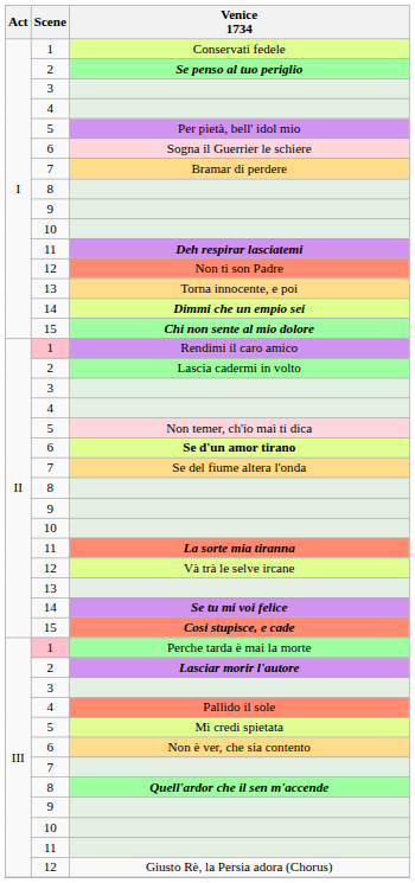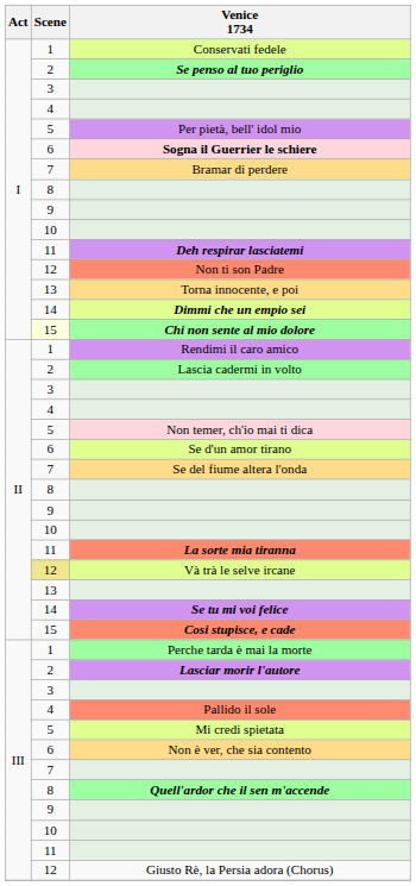 <table class="wikitable" style="text-align:center; font-size:95%; line-height:16px; width:37%">
 <tr>
 <th scope="col" style="width:5.5%">Act</th>
 <th scope="col" style="width:5.5%">Scene</th>
 <th scope="col">Venice<br> 1734</th>
 </tr>
 <tr>
 <td rowspan="15">I</td>
 <td>1</td>
 <td style="background-color:#DFFF91;">Conservati fedele</td>
 </tr>
 <tr>
 <td>2</td>
 <td style="background-color:#9DFF9F;"><strong><em>Se penso al tuo periglio</em></strong></td>
 </tr>
 <tr>
 <td>3</td>
 <td style="background-color:#E3F0E3;"></td>
 </tr>
 <tr>
 <td>4</td>
 <td style="background-color:#E3F0E3;"></td>
 </tr>
 <tr>
 <td>5</td>
 <td style="background-color:#D193F0;">Per pietà, bell' idol mio</td>
 </tr>
 <tr>
 <td>6</td>
-<td style="background-color:#FFD6DE;">Sogna il Guerrier le schiere</td>
+<td style="background-color:#FFD6DE;"><strong>Sogna il Guerrier le schiere</strong></td>
 </tr>
 <tr>
 <td>7</td>
 <td style="background-color:#FFDC8A;">Bramar di perdere</td>
 </tr>
 <tr>
 <td>8</td>
 <td style="background-color:#E3F0E3;"></td>
 </tr>
 <tr>
 <td>9</td>
 <td style="background-color:#E3F0E3;"></td>
 </tr>
 <tr>
 <td>10</td>
 <td style="background-color:#E3F0E3;"></td>
 </tr>
 <tr>
 <td>11</td>
 <td style="background-color:#D193F0;"><strong><em>Deh respirar lasciatemi</em></strong></td>
 </tr>
 <tr>
 <td>12</td>
 <td style="background-color:#FF8A6F;">Non ti son Padre</td>
 </tr>
 <tr>
 <td>13</td>
 <td style="background-color:#FFDC8A;">Torna innocente, e poi</td>
 </tr>
 <tr>
 <td>14</td>
 <td style="background-color:#DFFF91;"><strong><em>Dimmi che un empio sei</em></strong></td>
 </tr>
 <tr>
-<td>15</td>
+<td style="background: lightyellow;">15</td>
 <td style="background-color:#9DFF9F;"><strong><em>Chi non sente al mio dolore</em></strong></td>
 </tr>
 <tr>
 <td rowspan="15">II</td>
-<td style="background: pink;">1</td>
+<td>1</td>
 <td style="background-color:#D193F0;">Rendimi il caro amico</td>
 </tr>
 <tr>
 <td>2</td>
 <td style="background-color:#9DFF9F;">Lascia cadermi in volto</td>
 </tr>
 <tr>
 <td>3</td>
 <td style="background-color:#E3F0E3;"></td>
 </tr>
 <tr>
 <td>4</td>
 <td style="background-color:#E3F0E3;"></td>
 </tr>
 <tr>
 <td>5</td>
 <td style="background-color:#FFD6DE;">Non temer, ch'io mai ti dica</td>
 </tr>
 <tr>
 <td>6</td>
-<td style="background-color:#DFFF91;"><strong>Se d'un amor tirano</strong></td>
+<td style="background-color:#DFFF91;">Se d'un amor tirano</td>
 </tr>
 <tr>
 <td>7</td>
 <td style="background-color:#FFDC8A;">Se del fiume altera l'onda</td>
 </tr>
 <tr>
 <td>8</td>
 <td style="background-color:#E3F0E3;"></td>
 </tr>
 <tr>
 <td>9</td>
 <td style="background-color:#E3F0E3;"></td>
 </tr>
 <tr>
 <td>10</td>
 <td style="background-color:#E3F0E3;"></td>
 </tr>
 <tr>
 <td>11</td>
 <td style="background-color:#FF8A6F;"><strong><em>La sorte mia tiranna</em></strong></td>
 </tr>
 <tr>
-<td>12</td>
+<td style="background: khaki;">12</td>
 <td style="background-color:#DFFF91;">Và trà le selve ircane</td>
 </tr>
 <tr>
 <td>13</td>
 <td style="background-color:#E3F0E3;"></td>
 </tr>
 <tr>
 <td>14</td>
 <td style="background-color:#D193F0;"><strong><em>Se tu mi voi felice</em></strong></td>
 </tr>
 <tr>
 <td>15</td>
 <td style="background-color:#FF8A6F;"><strong><em>Cosi stupisce, e cade</em></strong></td>
 </tr>
 <tr>
 <td rowspan="12">III</td>
-<td style="background: pink;">1</td>
+<td>1</td>
 <td style="background-color:#9DFF9F;">Perche tarda è mai la morte</td>
 </tr>
 <tr>
 <td>2</td>
 <td style="background-color:#D193F0;"><strong><em>Lasciar morir l'autore</em></strong></td>
 </tr>
 <tr>
 <td>3</td>
 <td style="background-color:#E3F0E3;"></td>
 </tr>
 <tr>
 <td>4</td>
 <td style="background-color:#FF8A6F;">Pallido il sole</td>
 </tr>
 <tr>
 <td>5</td>
 <td style="background-color:#DFFF91;">Mi credi spietata</td>
 </tr>
 <tr>
 <td>6</td>
 <td style="background-color:#FFDC8A;">Non è ver, che sia contento</td>
 </tr>
 <tr>
 <td>7</td>
 <td style="background-color:#E3F0E3;"></td>
 </tr>
 <tr>
 <td>8</td>
 <td style="background-color:#9DFF9F;"><strong><em>Quell'ardor che il sen m'accende</em></strong></td>
 </tr>
 <tr>
 <td>9</td>
 <td style="background-color:#E3F0E3;"></td>
 </tr>
 <tr>
 <td>10</td>
 <td style="background-color:#E3F0E3;"></td>
 </tr>
 <tr>
 <td>11</td>
 <td style="background-color:#E3F0E3;"></td>
 </tr>
 <tr>
 <td>12</td>
 <td>Giusto Rè, la Persia adora (Chorus)</td>
 </tr>
 <tr>
 </tr>
 </table>
